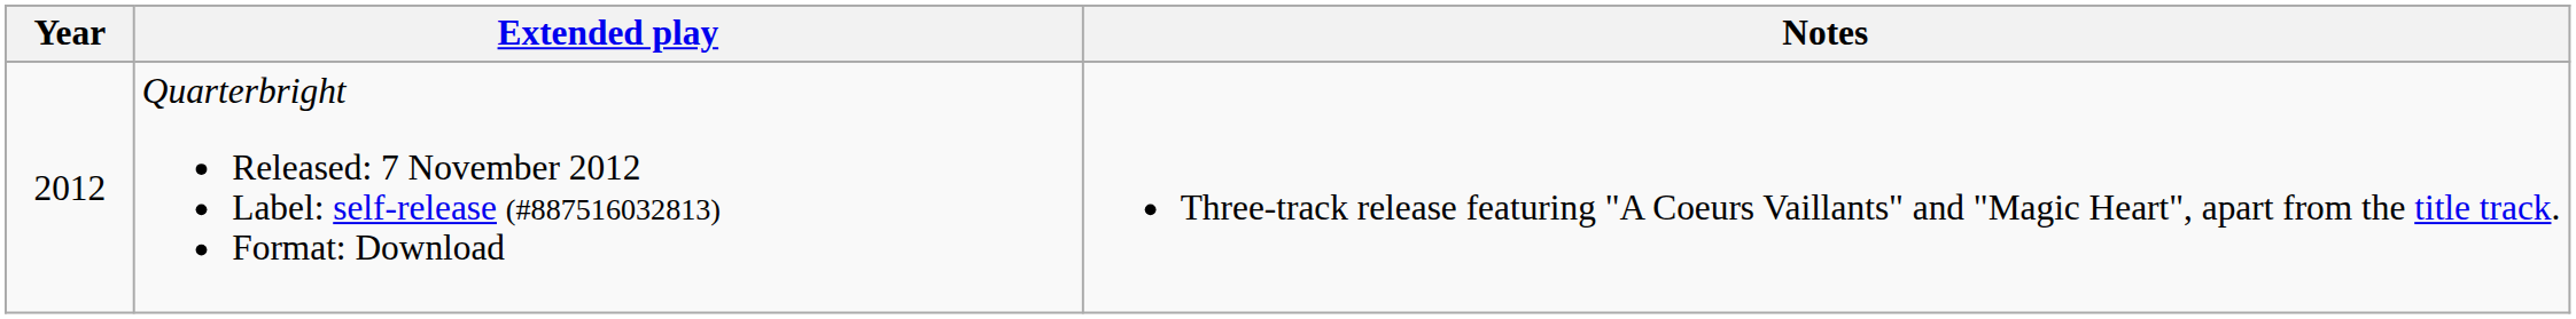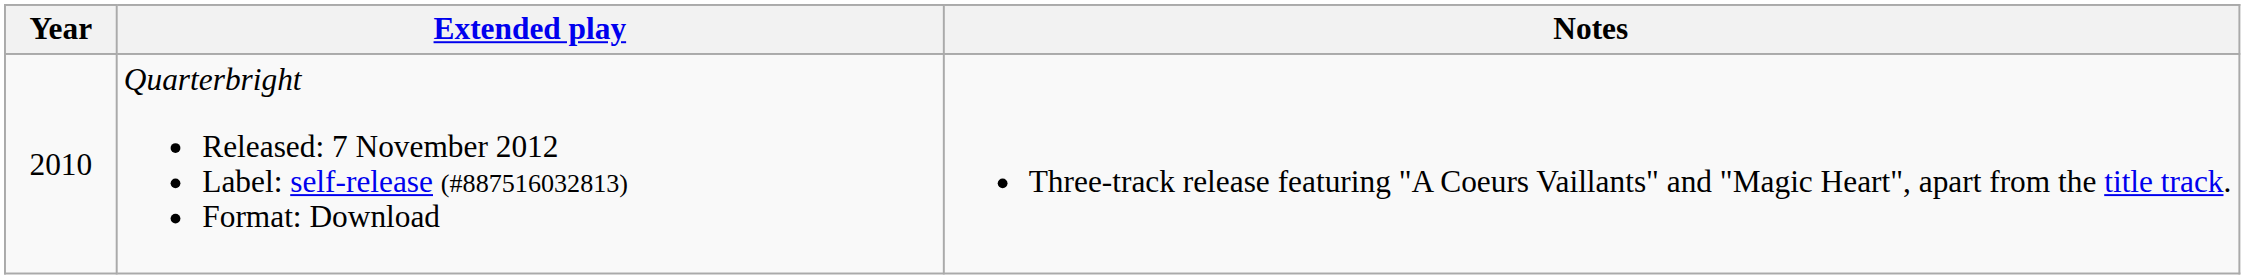 <table class=wikitable style="text-align:left">
 <tr>
 <th width=5%>Year</th>
 <th width=37%><a href='#'>Extended play</a></th>
 <th width=58%>Notes</th>
 </tr>
 <tr>
-<td align=center>2012</td>
+<td align=center>2010</td>
 <td><em>Quarterbright</em><br><ul><li>Released: 7 November 2012</li><li>Label: <a href='#'>self-release</a> <small>(#887516032813)</small></li><li>Format: Download</li></ul></td>
 <td><br><ul><li>Three-track release featuring "A Coeurs Vaillants" and "Magic Heart", apart from the <a href='#'>title track</a>.</li></ul></td>
 </tr>
 </table>
